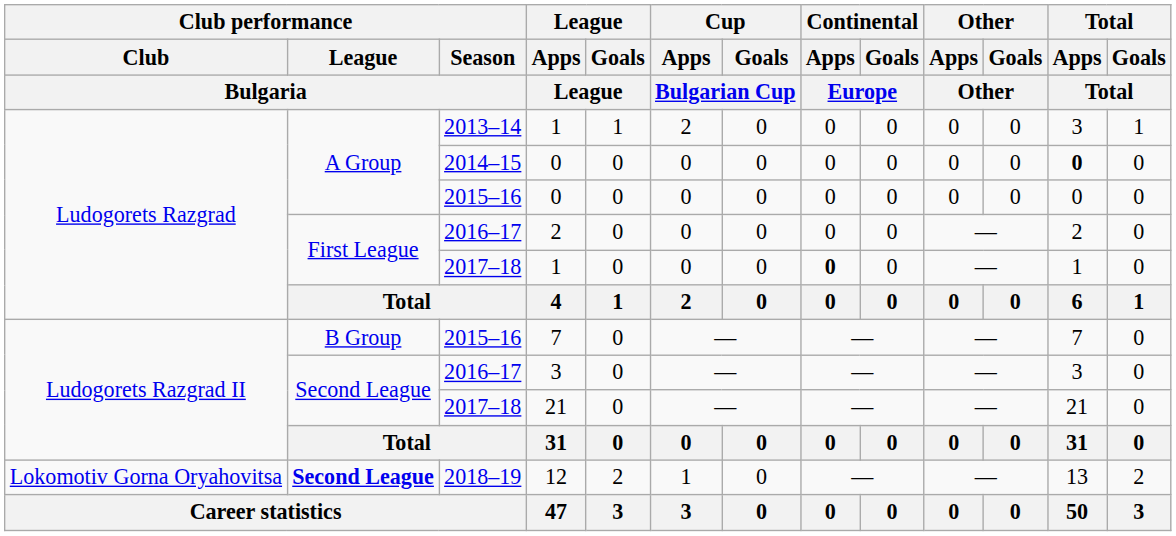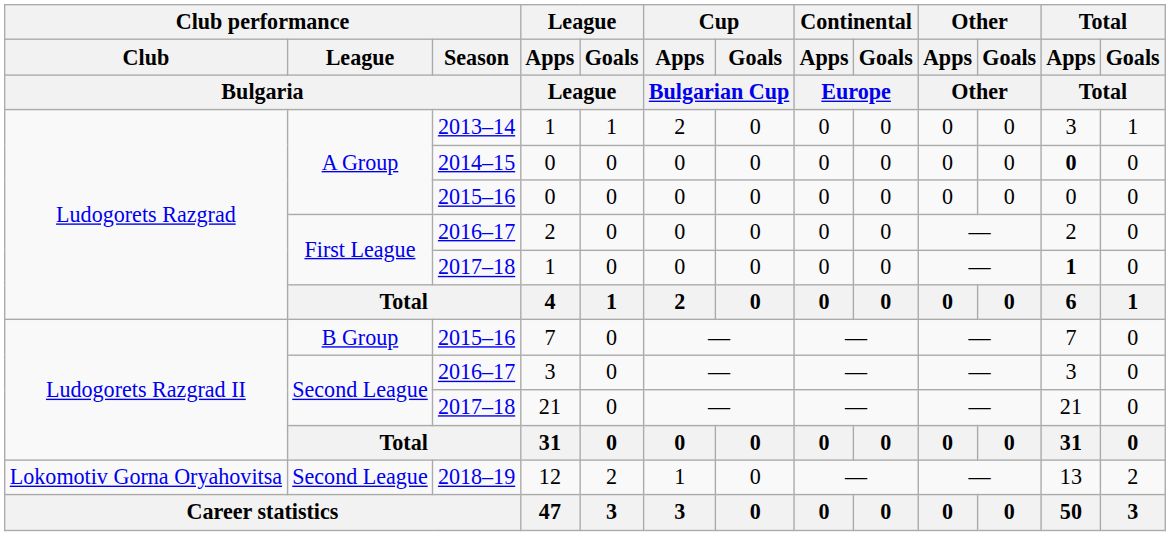 <table class="wikitable" style="text-align: center">
 <tr>
 <th Colspan="3">Club performance</th>
 <th Colspan="2">League</th>
 <th Colspan="2">Cup</th>
 <th Colspan="2">Continental</th>
 <th Colspan="2">Other</th>
 <th Colspan="3">Total</th>
 </tr>
 <tr>
 <th>Club</th>
 <th>League</th>
 <th>Season</th>
 <th>Apps</th>
 <th>Goals</th>
 <th>Apps</th>
 <th>Goals</th>
 <th>Apps</th>
 <th>Goals</th>
 <th>Apps</th>
 <th>Goals</th>
 <th>Apps</th>
 <th>Goals</th>
 </tr>
 <tr>
 <th Colspan="3">Bulgaria</th>
 <th Colspan="2">League</th>
 <th Colspan="2"><a href='#'>Bulgarian Cup</a></th>
 <th Colspan="2"><a href='#'>Europe</a></th>
 <th Colspan="2">Other</th>
 <th Colspan="2">Total</th>
 </tr>
 <tr>
 <td rowspan=6><a href='#'>Ludogorets Razgrad</a></td>
 <td rowspan=3><a href='#'>A Group</a></td>
 <td><a href='#'>2013–14</a></td>
 <td>1</td>
 <td>1</td>
 <td>2</td>
 <td>0</td>
 <td>0</td>
 <td>0</td>
 <td>0</td>
 <td>0</td>
 <td>3</td>
 <td>1</td>
 </tr>
 <tr>
 <td><a href='#'>2014–15</a></td>
 <td>0</td>
 <td>0</td>
 <td>0</td>
 <td>0</td>
 <td>0</td>
 <td>0</td>
 <td>0</td>
 <td>0</td>
 <td><strong>0</strong></td>
 <td>0</td>
 </tr>
 <tr>
 <td><a href='#'>2015–16</a></td>
 <td>0</td>
 <td>0</td>
 <td>0</td>
 <td>0</td>
 <td>0</td>
 <td>0</td>
 <td>0</td>
 <td>0</td>
 <td>0</td>
 <td>0</td>
 </tr>
 <tr>
 <td rowspan="2"><a href='#'>First League</a></td>
 <td><a href='#'>2016–17</a></td>
 <td>2</td>
 <td>0</td>
 <td>0</td>
 <td>0</td>
 <td>0</td>
 <td>0</td>
 <td colspan="2">—</td>
 <td>2</td>
 <td>0</td>
 </tr>
 <tr>
 <td><a href='#'>2017–18</a></td>
 <td>1</td>
 <td>0</td>
 <td>0</td>
 <td>0</td>
-<td><strong>0</strong></td>
+<td>0</td>
 <td>0</td>
 <td colspan="2">—</td>
-<td>1</td>
+<td><strong>1</strong></td>
 <td>0</td>
 </tr>
 <tr>
 <th colspan=2>Total</th>
 <th>4</th>
 <th>1</th>
 <th>2</th>
 <th>0</th>
 <th>0</th>
 <th>0</th>
 <th>0</th>
 <th>0</th>
 <th>6</th>
 <th>1</th>
 </tr>
 <tr>
 <td rowspan=4><a href='#'>Ludogorets Razgrad II</a></td>
 <td rowspan="1"><a href='#'>B Group</a></td>
 <td><a href='#'>2015–16</a></td>
 <td>7</td>
 <td>0</td>
 <td colspan="2">—</td>
 <td colspan="2">—</td>
 <td colspan="2">—</td>
 <td>7</td>
 <td>0</td>
 </tr>
 <tr>
 <td rowspan="2"><a href='#'>Second League</a></td>
 <td><a href='#'>2016–17</a></td>
 <td>3</td>
 <td>0</td>
 <td colspan="2">—</td>
 <td colspan="2">—</td>
 <td colspan="2">—</td>
 <td>3</td>
 <td>0</td>
 </tr>
 <tr>
 <td><a href='#'>2017–18</a></td>
 <td>21</td>
 <td>0</td>
 <td colspan="2">—</td>
 <td colspan="2">—</td>
 <td colspan="2">—</td>
 <td>21</td>
 <td>0</td>
 </tr>
 <tr>
 <th colspan=2>Total</th>
 <th>31</th>
 <th>0</th>
 <th>0</th>
 <th>0</th>
 <th>0</th>
 <th>0</th>
 <th>0</th>
 <th>0</th>
 <th>31</th>
 <th>0</th>
 </tr>
 <tr>
 <td rowspan=1><a href='#'>Lokomotiv Gorna Oryahovitsa</a></td>
-<td rowspan="1"><strong><a href='#'>Second League</a></strong></td>
+<td rowspan="1"><a href='#'>Second League</a></td>
 <td><a href='#'>2018–19</a></td>
 <td>12</td>
 <td>2</td>
 <td>1</td>
 <td>0</td>
 <td colspan="2">—</td>
 <td colspan="2">—</td>
 <td>13</td>
 <td>2</td>
 </tr>
 <tr>
 <th colspan="3">Career statistics</th>
 <th>47</th>
 <th>3</th>
 <th>3</th>
 <th>0</th>
 <th>0</th>
 <th>0</th>
 <th>0</th>
 <th>0</th>
 <th>50</th>
 <th>3</th>
 </tr>
 </table>
